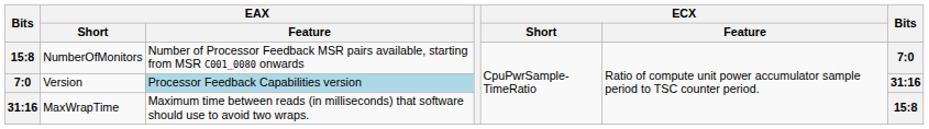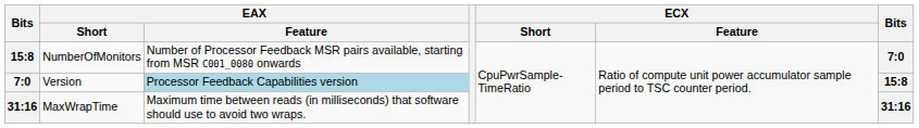 <table class="wikitable">
 <tr>
 <th rowspan=2>Bits</th>
 <th colspan=2>EAX</th>
 <th scope="col" style="width: 0.5em; border-spacing:0; padding:0px" rowspan="5"></th>
 <th colspan=2>ECX</th>
 <th rowspan=2>Bits</th>
 </tr>
 <tr>
 <th>Short</th>
 <th>Feature</th>
 <th>Short</th>
 <th>Feature</th>
 </tr>
 <tr>
 <th>15:8</th>
 <td>NumberOfMonitors</td>
 <td>Number of Processor Feedback MSR pairs available, starting from MSR <code>C001_0080</code> onwards</td>
 <td rowspan=3>CpuPwrSample­TimeRatio</td>
 <td rowspan=3>Ratio of compute unit power accumulator sample period to TSC counter period.</td>
 <th>7:0</th>
 </tr>
 <tr>
 <th>7:0</th>
 <td>Version</td>
 <td style="background: lightblue;">Processor Feedback Capabilities version</td>
-<th>31:16</th>
+<th>15:8</th>
 </tr>
 <tr>
 <th>31:16</th>
 <td>MaxWrapTime</td>
 <td>Maximum time between reads (in milliseconds) that software should use to avoid two wraps.</td>
-<th>15:8</th>
+<th>31:16</th>
 </tr>
 </table>
